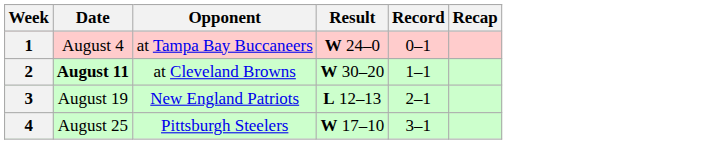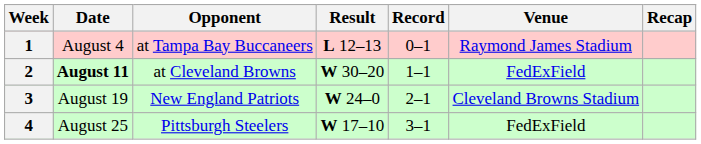 <table class="wikitable" style="text-align:center">
 <tr>
 <th>Week</th>
 <th>Date</th>
 <th>Opponent</th>
 <th>Result</th>
 <th>Record</th>
+<th>Venue</th>
 <th>Recap</th>
 </tr>
 <tr style="text-align:center; background:#fcc;">
 <th>1</th>
 <td>August 4</td>
 <td>at <a href='#'>Tampa Bay Buccaneers</a></td>
-<td><strong>W</strong>  24–0</td>
+<td><strong>L</strong> 12–13</td>
 <td>0–1</td>
+<td><a href='#'>Raymond James Stadium</a></td>
 <td></td>
 </tr>
 <tr style="text-align:center; background:#cfc;">
 <th>2</th>
 <td><strong>August 11</strong></td>
 <td>at <a href='#'>Cleveland Browns</a></td>
 <td><strong>W</strong> 30–20</td>
 <td>1–1</td>
+<td><a href='#'>FedExField</a></td>
 <td></td>
 </tr>
 <tr style="text-align:center; background:#cfc;">
 <th>3</th>
 <td>August 19</td>
 <td><a href='#'>New England Patriots</a></td>
-<td><strong>L</strong> 12–13</td>
+<td><strong>W</strong>  24–0</td>
 <td>2–1</td>
+<td><a href='#'>Cleveland Browns Stadium</a></td>
 <td></td>
 </tr>
 <tr style="text-align:center; background:#cfc;">
 <th>4</th>
 <td>August 25</td>
 <td><a href='#'>Pittsburgh Steelers</a></td>
 <td><strong>W</strong> 17–10</td>
 <td>3–1</td>
+<td>FedExField</td>
 <td></td>
 </tr>
 </table>
